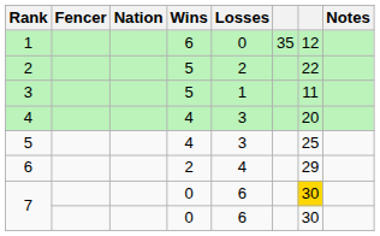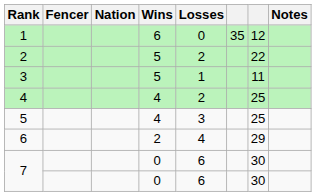 <table class="wikitable sortable" style="text-align: center;">
 <tr>
 <th>Rank</th>
 <th>Fencer</th>
 <th>Nation</th>
 <th>Wins</th>
 <th>Losses</th>
 <th></th>
 <th></th>
 <th>Notes</th>
 </tr>
 <tr style="background:#bbf3bb;">
 <td>1</td>
 <td align=left></td>
 <td align=left></td>
 <td>6</td>
 <td>0</td>
 <td>35</td>
 <td>12</td>
 <td></td>
 </tr>
 <tr style="background:#bbf3bb;">
 <td>2</td>
 <td align=left></td>
 <td align=left></td>
 <td>5</td>
 <td>2</td>
 <td></td>
 <td>22</td>
 <td></td>
 </tr>
 <tr style="background:#bbf3bb;">
 <td>3</td>
 <td align=left></td>
 <td align=left></td>
 <td>5</td>
 <td>1</td>
 <td></td>
 <td>11</td>
 <td></td>
 </tr>
 <tr style="background:#bbf3bb;">
 <td>4</td>
 <td align=left></td>
 <td align=left></td>
 <td>4</td>
-<td>3</td>
+<td>2</td>
 <td></td>
-<td>20</td>
+<td>25</td>
 <td></td>
 </tr>
 <tr>
 <td>5</td>
 <td align=left></td>
 <td align=left></td>
 <td>4</td>
 <td>3</td>
 <td></td>
 <td>25</td>
 <td></td>
 </tr>
 <tr>
 <td>6</td>
 <td align=left></td>
 <td align=left></td>
 <td>2</td>
 <td>4</td>
 <td></td>
 <td>29</td>
 <td></td>
 </tr>
 <tr>
 <td rowspan=2>7</td>
 <td align=left></td>
 <td align=left></td>
 <td>0</td>
 <td>6</td>
 <td></td>
-<td style="background: gold;">30</td>
+<td>30</td>
 <td></td>
 </tr>
 <tr>
 <td align=left></td>
 <td align=left></td>
 <td>0</td>
 <td>6</td>
 <td></td>
 <td>30</td>
 <td></td>
 </tr>
 </table>
